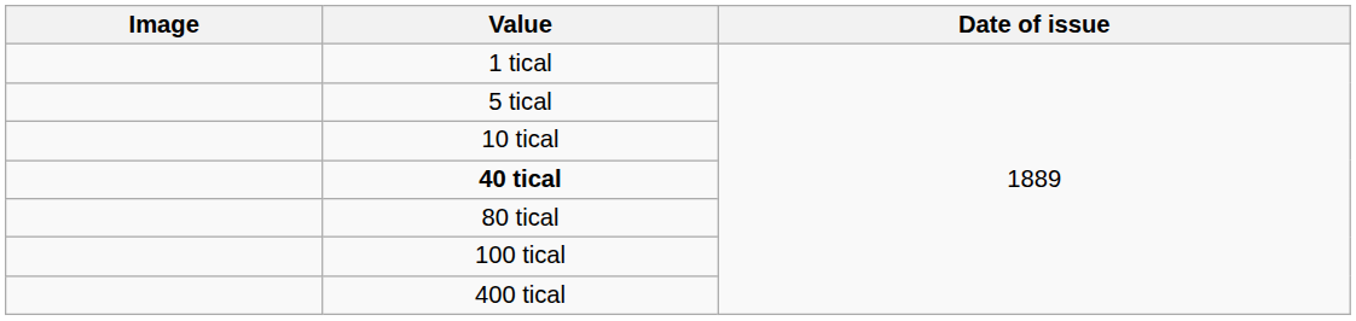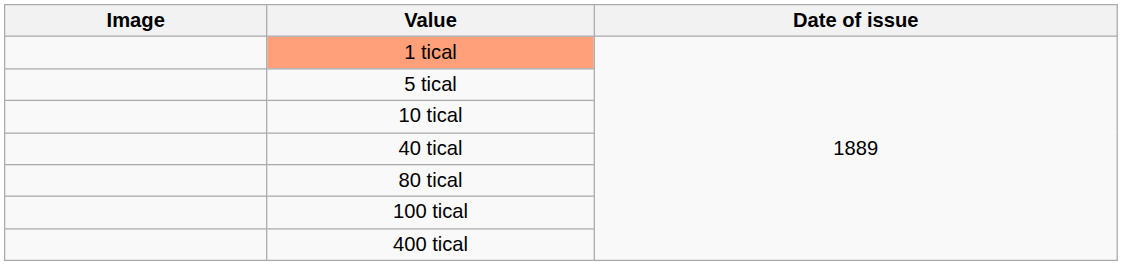 <table class="wikitable" style="width:100%; text-align: center">
 <tr>
 <th>Image</th>
 <th>Value</th>
 <th>Date of issue</th>
 </tr>
 <tr>
 <td></td>
-<td>1 tical</td>
+<td style="background: lightsalmon;">1 tical</td>
 <td rowspan="7">1889</td>
 </tr>
 <tr>
 <td></td>
 <td>5 tical</td>
 </tr>
 <tr>
 <td></td>
 <td>10 tical</td>
 </tr>
 <tr>
 <td></td>
-<td><strong>40 tical</strong></td>
+<td>40 tical</td>
 </tr>
 <tr>
 <td></td>
 <td>80 tical</td>
 </tr>
 <tr>
 <td></td>
 <td>100 tical</td>
 </tr>
 <tr>
 <td></td>
 <td>400 tical</td>
 </tr>
 </table>
